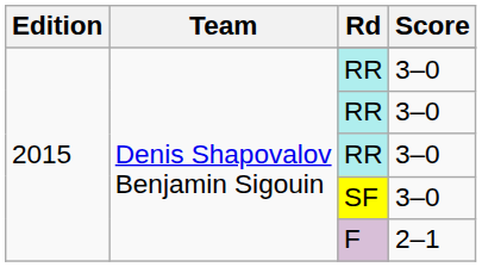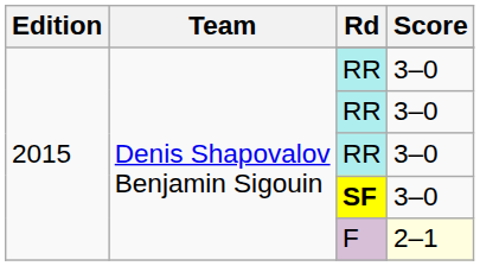 <table class="wikitable sortable">
 <tr>
 <th scope="col" class="unsortable">Edition</th>
 <th scope="col" class="unsortable">Team</th>
 <th scope="col">Rd</th>
 <th scope="col" class="unsortable">Score</th>
 </tr>
 <tr>
 <td rowspan="6">2015</td>
 <td rowspan="6"><br><a href='#'>Denis Shapovalov</a><br>Benjamin Sigouin</td>
 </tr>
 <tr>
 <td bgcolor=afeeee data-sort-value="1R">RR</td>
 <td> 3–0 </td>
 </tr>
 <tr>
 <td bgcolor=afeeee data-sort-value="1R">RR</td>
 <td> 3–0 </td>
 </tr>
 <tr>
 <td bgcolor=afeeee data-sort-value="1R">RR</td>
 <td> 3–0 </td>
 </tr>
 <tr>
-<td bgcolor=yellow data-sort-value="7R">SF</td>
+<td bgcolor=yellow data-sort-value="7R"><strong>SF</strong></td>
 <td> 3–0 </td>
 </tr>
 <tr>
 <td bgcolor=thistle data-sort-value="8R">F</td>
-<td> 2–1 </td>
+<td style="background: lightyellow;"> 2–1 </td>
 </tr>
 </table>
